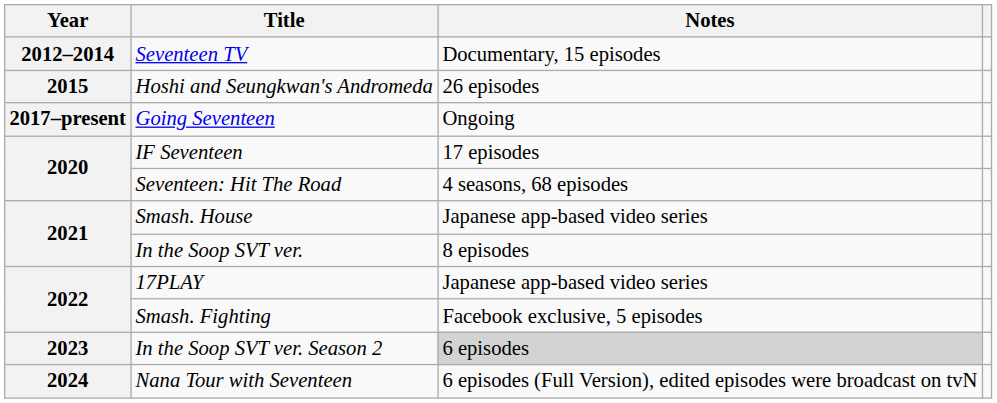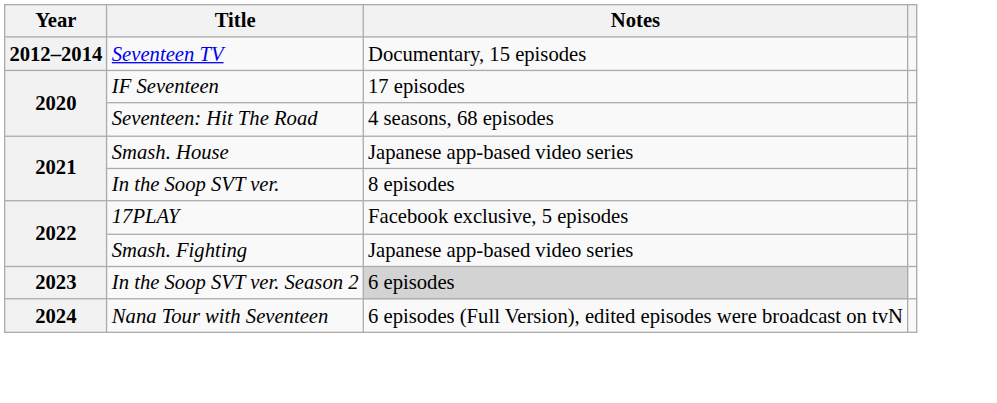 <table class="wikitable plainrowheaders sortable">
 <tr>
 <th scope="col">Year</th>
 <th scope="col">Title</th>
 <th scope="col">Notes</th>
 <th scope="col" class="unsortable"></th>
 </tr>
 <tr>
 <th scope="row">2012–2014</th>
 <td><em><a href='#'>Seventeen TV</a></em></td>
 <td>Documentary, 15 episodes</td>
 <td align="center"></td>
-</tr>
-<tr>
-<th scope="row">2015</th>
-<td><em>Hoshi and Seungkwan's Andromeda</em></td>
-<td>26 episodes</td>
-<td style="text-align:center"></td>
-</tr>
-<tr>
-<th scope="row">2017–present</th>
-<td><em><a href='#'>Going Seventeen</a></em></td>
-<td>Ongoing</td>
-<td style="text-align:center"></td>
 </tr>
 <tr>
 <th scope="row" rowspan="2">2020</th>
 <td><em>IF Seventeen</em></td>
 <td>17 episodes</td>
 <td style="text-align:center"></td>
 </tr>
 <tr>
 <td><em>Seventeen: Hit The Road</em></td>
 <td>4 seasons, 68 episodes</td>
 <td style="text-align:center"></td>
 </tr>
 <tr>
 <th scope="row" rowspan="2">2021 </th>
 <td><em>Smash. House</em></td>
 <td>Japanese app-based video series</td>
 <td style="text-align:center"></td>
 </tr>
 <tr>
 <td><em>In the Soop SVT ver.</em></td>
 <td>8 episodes</td>
 <td style="text-align:center"></td>
 </tr>
 <tr>
 <th scope="row" rowspan="2">2022</th>
 <td><em>17PLAY</em></td>
-<td>Japanese app-based video series</td>
+<td>Facebook exclusive, 5 episodes</td>
 <td style="text-align:center"></td>
 </tr>
 <tr>
 <td><em>Smash. Fighting</em></td>
-<td>Facebook exclusive, 5 episodes</td>
+<td>Japanese app-based video series</td>
 <td style="text-align:center"></td>
 </tr>
 <tr>
 <th scope="row">2023</th>
 <td><em>In the Soop SVT ver. Season 2</em></td>
 <td style="background: lightgrey;">6 episodes</td>
 <td style="text-align:center"></td>
 </tr>
 <tr>
 <th scope="row">2024</th>
 <td><em>Nana Tour with Seventeen</em></td>
 <td>6 episodes (Full Version), edited episodes were broadcast on tvN</td>
 <td style="text-align:center"></td>
 </tr>
 </table>
